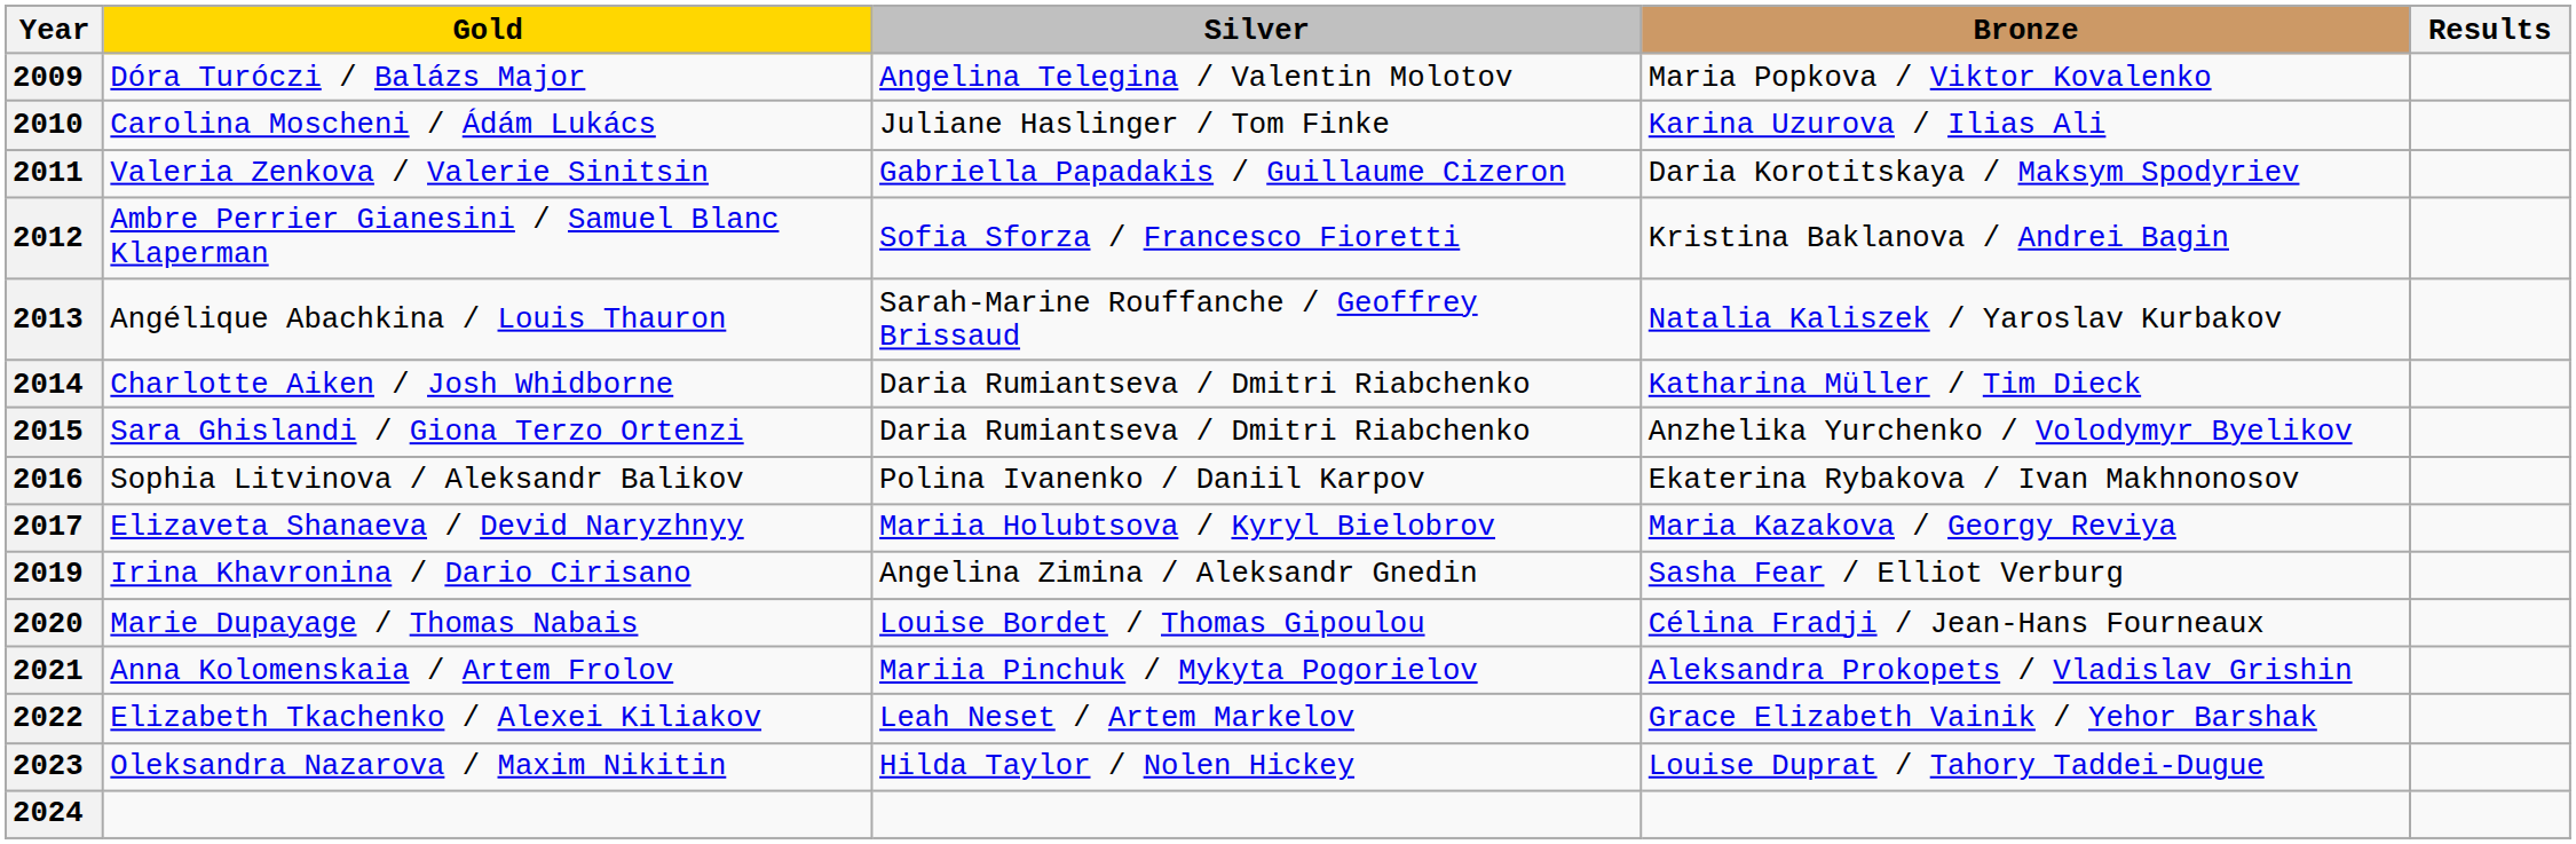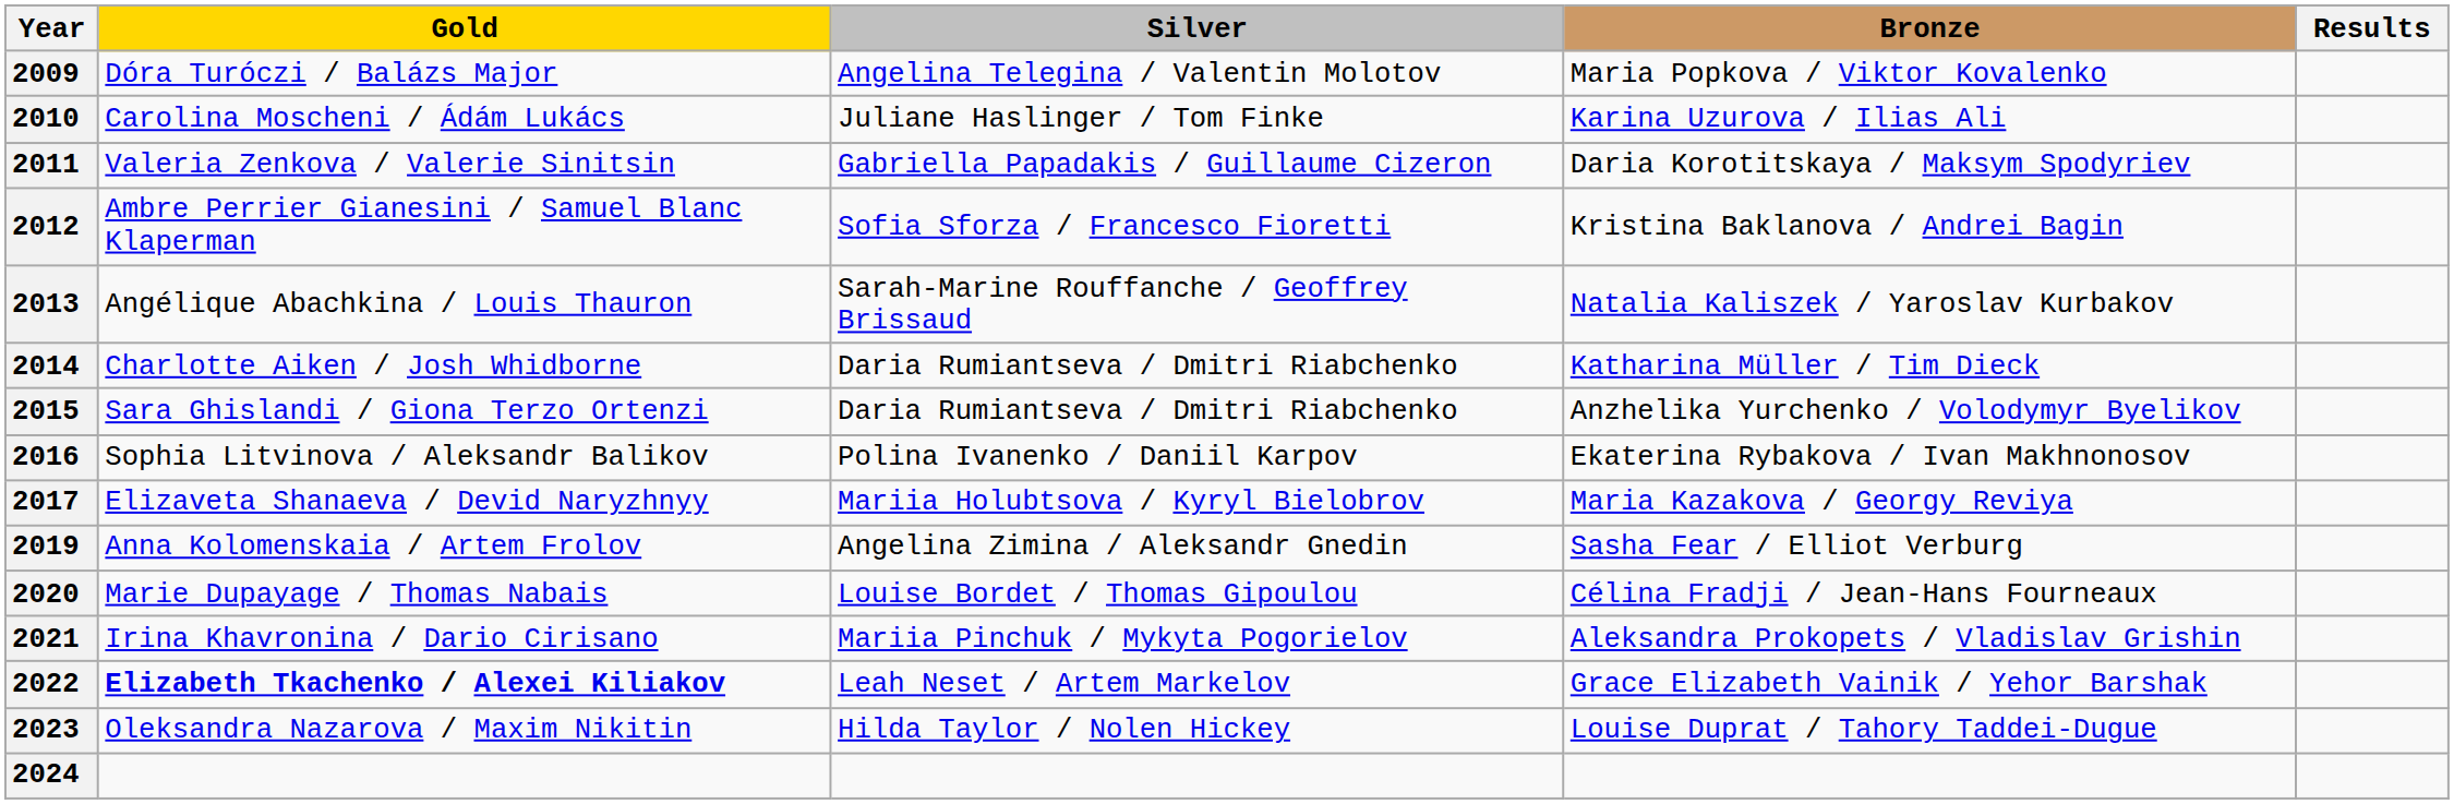 <table class="wikitable unsortable" style="text-align:left; width:90%;">
 <tr>
 <th scope="col" style="text-align:center;">Year</th>
 <td scope="col" style="text-align:center; width:30%; background:gold"><strong>Gold</strong></td>
 <td scope="col" style="text-align:center; width:30%; background:silver"><strong>Silver</strong></td>
 <td scope="col" style="text-align:center; width:30%; background:#c96"><strong>Bronze</strong></td>
 <th scope="col" style="text-align:center;">Results</th>
 </tr>
 <tr>
 <th scope="row" style="text-align:left">2009</th>
 <td> <a href='#'>Dóra Turóczi</a> / <a href='#'>Balázs Major</a></td>
 <td> <a href='#'>Angelina Telegina</a> / Valentin Molotov</td>
 <td> Maria Popkova / <a href='#'>Viktor Kovalenko</a></td>
 <td></td>
 </tr>
 <tr>
 <th scope="row" style="text-align:left">2010</th>
 <td> <a href='#'>Carolina Moscheni</a> / <a href='#'>Ádám Lukács</a></td>
 <td> Juliane Haslinger / Tom Finke</td>
 <td> <a href='#'>Karina Uzurova</a> / <a href='#'>Ilias Ali</a></td>
 <td></td>
 </tr>
 <tr>
 <th scope="row" style="text-align:left">2011</th>
 <td> <a href='#'>Valeria Zenkova</a> / <a href='#'>Valerie Sinitsin</a></td>
 <td> <a href='#'>Gabriella Papadakis</a> / <a href='#'>Guillaume Cizeron</a></td>
 <td> Daria Korotitskaya / <a href='#'>Maksym Spodyriev</a></td>
 <td></td>
 </tr>
 <tr>
 <th scope="row" style="text-align:left">2012</th>
 <td> <a href='#'>Ambre Perrier Gianesini</a> / <a href='#'>Samuel Blanc Klaperman</a></td>
 <td> <a href='#'>Sofia Sforza</a> / <a href='#'>Francesco Fioretti</a></td>
 <td> Kristina Baklanova / <a href='#'>Andrei Bagin</a></td>
 <td></td>
 </tr>
 <tr>
 <th scope="row" style="text-align:left">2013</th>
 <td> Angélique Abachkina / <a href='#'>Louis Thauron</a></td>
 <td> Sarah-Marine Rouffanche / <a href='#'>Geoffrey Brissaud</a></td>
 <td> <a href='#'>Natalia Kaliszek</a> / Yaroslav Kurbakov</td>
 <td></td>
 </tr>
 <tr>
 <th scope="row" style="text-align:left">2014</th>
 <td> <a href='#'>Charlotte Aiken</a> / <a href='#'>Josh Whidborne</a></td>
 <td> Daria Rumiantseva / Dmitri Riabchenko</td>
 <td> <a href='#'>Katharina Müller</a> / <a href='#'>Tim Dieck</a></td>
 <td></td>
 </tr>
 <tr>
 <th scope="row" style="text-align:left">2015</th>
 <td> <a href='#'>Sara Ghislandi</a> / <a href='#'>Giona Terzo Ortenzi</a></td>
 <td> Daria Rumiantseva / Dmitri Riabchenko</td>
 <td> Anzhelika Yurchenko / <a href='#'>Volodymyr Byelikov</a></td>
 <td></td>
 </tr>
 <tr>
 <th scope="row" style="text-align:left">2016</th>
 <td> Sophia Litvinova / Aleksandr Balikov</td>
 <td> Polina Ivanenko / Daniil Karpov</td>
 <td> Ekaterina Rybakova / Ivan Makhnonosov</td>
 <td></td>
 </tr>
 <tr>
 <th scope="row" style="text-align:left">2017</th>
 <td> <a href='#'>Elizaveta Shanaeva</a> / <a href='#'>Devid Naryzhnyy</a></td>
 <td> <a href='#'>Mariia Holubtsova</a> / <a href='#'>Kyryl Bielobrov</a></td>
 <td> <a href='#'>Maria Kazakova</a> / <a href='#'>Georgy Reviya</a></td>
 <td></td>
 </tr>
 <tr>
 <th scope="row" style="text-align:left">2019</th>
-<td> <a href='#'>Irina Khavronina</a> / <a href='#'>Dario Cirisano</a></td>
+<td> <a href='#'>Anna Kolomenskaia</a> / <a href='#'>Artem Frolov</a></td>
 <td> Angelina Zimina / Aleksandr Gnedin</td>
 <td> <a href='#'>Sasha Fear</a> / Elliot Verburg</td>
 <td></td>
 </tr>
 <tr>
 <th scope="row" style="text-align:left">2020</th>
 <td> <a href='#'>Marie Dupayage</a> / <a href='#'>Thomas Nabais</a></td>
 <td> <a href='#'>Louise Bordet</a> / <a href='#'>Thomas Gipoulou</a></td>
 <td> <a href='#'>Célina Fradji</a> / Jean-Hans Fourneaux</td>
 <td></td>
 </tr>
 <tr>
 <th scope="row" style="text-align:left">2021</th>
-<td> <a href='#'>Anna Kolomenskaia</a> / <a href='#'>Artem Frolov</a></td>
+<td> <a href='#'>Irina Khavronina</a> / <a href='#'>Dario Cirisano</a></td>
 <td> <a href='#'>Mariia Pinchuk</a> / <a href='#'>Mykyta Pogorielov</a></td>
 <td> <a href='#'>Aleksandra Prokopets</a> / <a href='#'>Vladislav Grishin</a></td>
 <td></td>
 </tr>
 <tr>
 <th scope="row" style="text-align:left">2022</th>
-<td> <a href='#'>Elizabeth Tkachenko</a> / <a href='#'>Alexei Kiliakov</a></td>
+<td><strong> <a href='#'>Elizabeth Tkachenko</a> / <a href='#'>Alexei Kiliakov</a></strong></td>
 <td> <a href='#'>Leah Neset</a> / <a href='#'>Artem Markelov</a></td>
 <td> <a href='#'>Grace Elizabeth Vainik</a> / <a href='#'>Yehor Barshak</a></td>
 <td></td>
 </tr>
 <tr>
 <th scope="row" style="text-align:left">2023</th>
 <td> <a href='#'>Oleksandra Nazarova</a> / <a href='#'>Maxim Nikitin</a></td>
 <td> <a href='#'>Hilda Taylor</a> / <a href='#'>Nolen Hickey</a></td>
 <td> <a href='#'>Louise Duprat</a> / <a href='#'>Tahory Taddei-Dugue</a></td>
 <td></td>
 </tr>
 <tr>
 <th scope="row" style="text-align:left">2024</th>
 <td></td>
 <td></td>
 <td></td>
 <td></td>
 </tr>
 </table>
